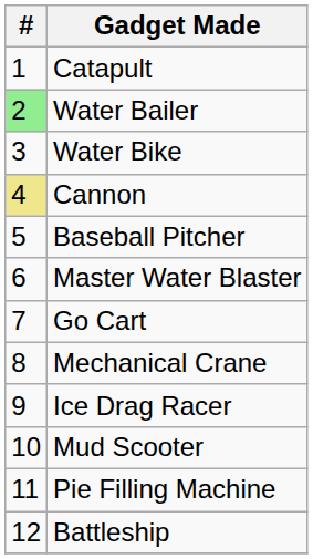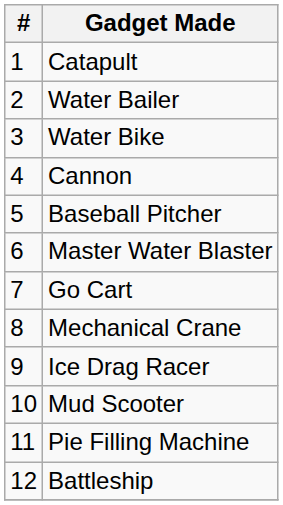 <table class="wikitable">
 <tr>
 <th>#</th>
 <th>Gadget Made</th>
 </tr>
 <tr>
 <td>1</td>
 <td>Catapult</td>
 </tr>
 <tr>
-<td style="background: lightgreen;">2</td>
+<td>2</td>
 <td>Water Bailer</td>
 </tr>
 <tr>
 <td>3</td>
 <td>Water Bike</td>
 </tr>
 <tr>
-<td style="background: khaki;">4</td>
+<td>4</td>
 <td>Cannon</td>
 </tr>
 <tr>
 <td>5</td>
 <td>Baseball Pitcher</td>
 </tr>
 <tr>
 <td>6</td>
 <td>Master Water Blaster</td>
 </tr>
 <tr>
 <td>7</td>
 <td>Go Cart</td>
 </tr>
 <tr>
 <td>8</td>
 <td>Mechanical Crane</td>
 </tr>
 <tr>
 <td>9</td>
 <td>Ice Drag Racer</td>
 </tr>
 <tr>
 <td>10</td>
 <td>Mud Scooter</td>
 </tr>
 <tr>
 <td>11</td>
 <td>Pie Filling Machine</td>
 </tr>
 <tr>
 <td>12</td>
 <td>Battleship</td>
 </tr>
 <tr>
 </tr>
 </table>
